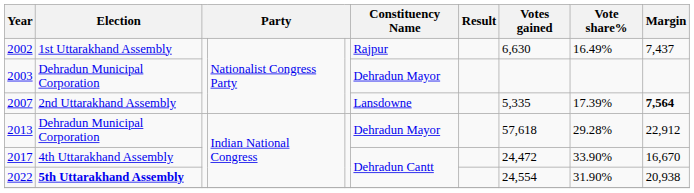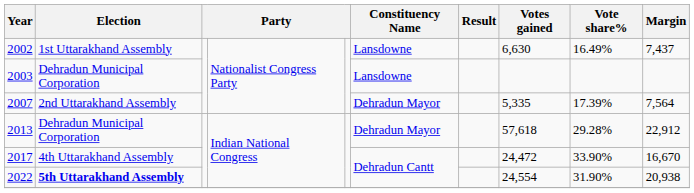 <table class="wikitable">
 <tr>
 <th>Year</th>
 <th>Election</th>
 <th colspan="3">Party</th>
 <th>Constituency Name</th>
 <th>Result</th>
 <th>Votes gained</th>
 <th>Vote share%</th>
 <th>Margin</th>
 </tr>
 <tr>
 <td><a href='#'>2002</a></td>
 <td><a href='#'>1st Uttarakhand Assembly</a></td>
 <td rowspan="3" style="background-color: "></td>
 <td rowspan="3"><a href='#'>Nationalist Congress Party</a> </td>
 <td rowspan="3"></td>
-<td><a href='#'>Rajpur</a></td>
+<td><a href='#'>Lansdowne</a></td>
 <td></td>
 <td>6,630</td>
 <td>16.49%</td>
 <td>7,437</td>
 </tr>
 <tr>
 <td><a href='#'>2003</a></td>
 <td><a href='#'>Dehradun Municipal Corporation</a></td>
-<td><a href='#'>Dehradun Mayor</a></td>
+<td><a href='#'>Lansdowne</a></td>
 <td></td>
 <td></td>
 <td></td>
 <td></td>
 </tr>
 <tr>
 <td><a href='#'>2007</a></td>
 <td><a href='#'>2nd Uttarakhand Assembly</a></td>
-<td><a href='#'>Lansdowne</a></td>
+<td><a href='#'>Dehradun Mayor</a></td>
 <td></td>
 <td>5,335</td>
 <td>17.39%</td>
-<td><strong>7,564</strong></td>
+<td>7,564</td>
 </tr>
 <tr>
 <td><a href='#'>2013</a></td>
 <td><a href='#'>Dehradun Municipal Corporation</a></td>
 <td rowspan="3" style="background-color: "></td>
 <td rowspan="3"><a href='#'>Indian National Congress</a> </td>
 <td rowspan="3"></td>
 <td><a href='#'>Dehradun Mayor</a></td>
 <td></td>
 <td>57,618</td>
 <td>29.28%</td>
 <td>22,912</td>
 </tr>
 <tr>
 <td><a href='#'>2017</a></td>
 <td><a href='#'>4th Uttarakhand Assembly</a></td>
 <td rowspan="2"><a href='#'>Dehradun Cantt</a></td>
 <td></td>
 <td>24,472</td>
 <td>33.90%</td>
 <td>16,670</td>
 </tr>
 <tr>
 <td><a href='#'>2022</a></td>
 <td><strong><a href='#'>5th Uttarakhand Assembly</a></strong></td>
 <td></td>
 <td>24,554</td>
 <td>31.90%</td>
 <td>20,938</td>
 </tr>
 <tr>
 </tr>
 </table>
